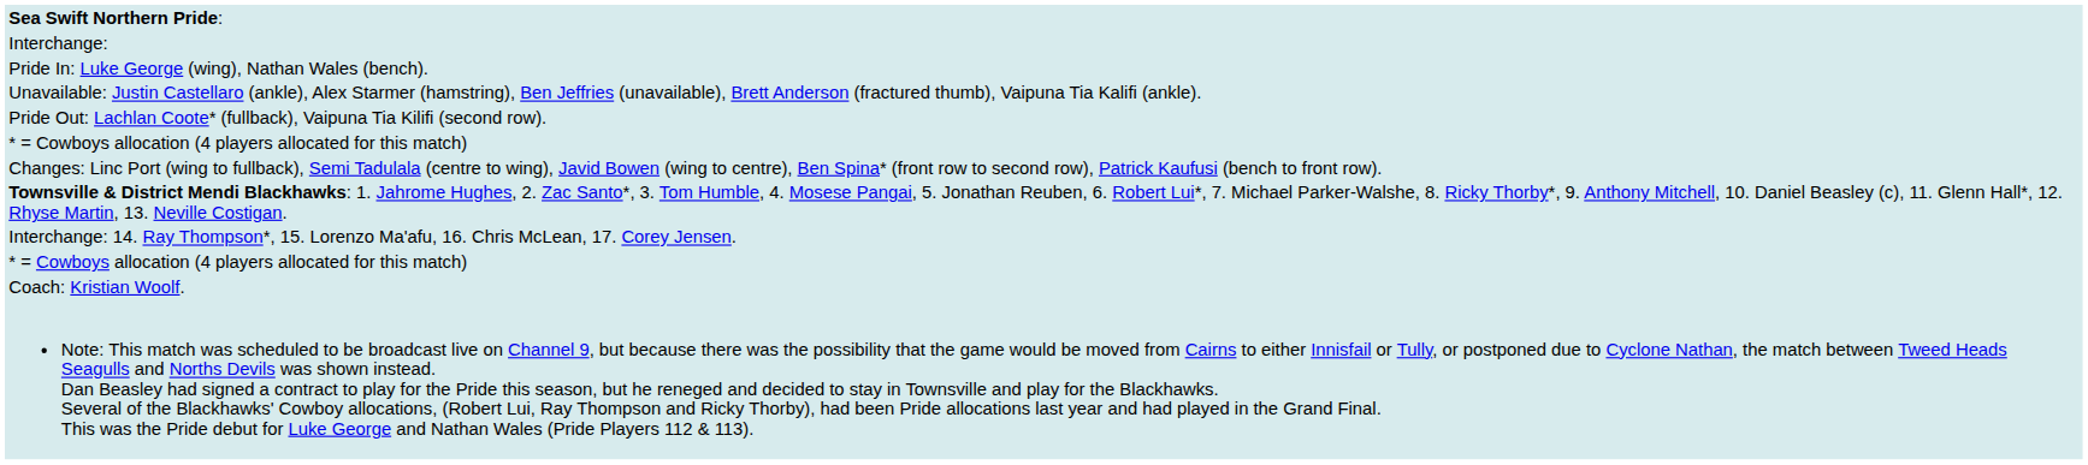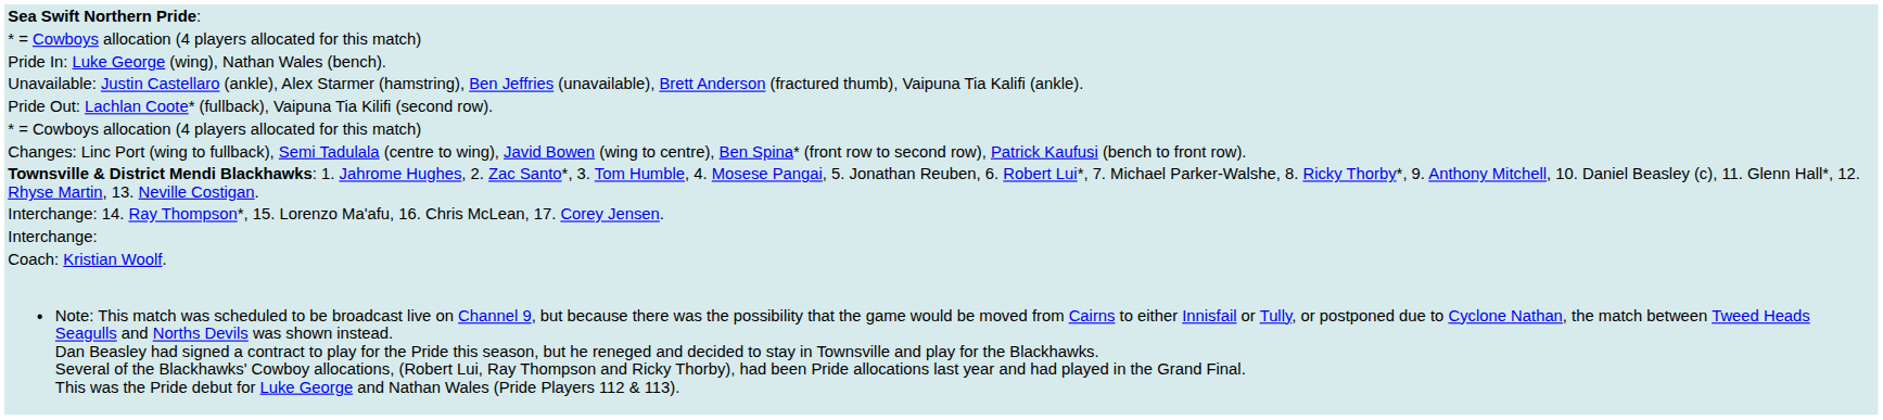 <table style="background:#d7ebed; font-size:85%; width:100%;">
 <tr>
 <td><strong>Sea Swift Northern Pride</strong>:             </td>
 </tr>
 <tr>
-<td>Interchange:    </td>
+<td>* = <a href='#'>Cowboys</a> allocation (4 players allocated for this match)</td>
 </tr>
 <tr>
 <td>Pride In: <a href='#'>Luke George</a> (wing), Nathan Wales (bench).</td>
 </tr>
 <tr>
 <td>Unavailable: <a href='#'>Justin Castellaro</a> (ankle), Alex Starmer (hamstring), <a href='#'>Ben Jeffries</a> (unavailable), <a href='#'>Brett Anderson</a> (fractured thumb), Vaipuna Tia Kalifi (ankle).</td>
 </tr>
 <tr>
 <td>Pride Out: <a href='#'>Lachlan Coote</a>* (fullback), Vaipuna Tia Kilifi (second row).</td>
 </tr>
 <tr>
 <td>* = Cowboys allocation (4 players allocated for this match)</td>
 </tr>
 <tr>
 <td>Changes: Linc Port (wing to fullback), <a href='#'>Semi Tadulala</a> (centre to wing), <a href='#'>Javid Bowen</a> (wing to centre), <a href='#'>Ben Spina</a>* (front row to second row), <a href='#'>Patrick Kaufusi</a> (bench to front row).</td>
 </tr>
 <tr>
 <td><strong>Townsville & District Mendi Blackhawks</strong>: 1. <a href='#'>Jahrome Hughes</a>, 2. <a href='#'>Zac Santo</a>*, 3. <a href='#'>Tom Humble</a>, 4. <a href='#'>Mosese Pangai</a>, 5. Jonathan Reuben, 6. <a href='#'>Robert Lui</a>*, 7. Michael Parker-Walshe, 8. <a href='#'>Ricky Thorby</a>*, 9. <a href='#'>Anthony Mitchell</a>, 10. Daniel Beasley (c), 11. Glenn Hall*, 12. <a href='#'>Rhyse Martin</a>, 13. <a href='#'>Neville Costigan</a>.</td>
 </tr>
 <tr>
 <td>Interchange: 14. <a href='#'>Ray Thompson</a>*, 15. Lorenzo Ma'afu, 16. Chris McLean, 17. <a href='#'>Corey Jensen</a>.</td>
 </tr>
 <tr>
-<td>* = <a href='#'>Cowboys</a> allocation (4 players allocated for this match)</td>
+<td>Interchange:    </td>
 </tr>
 <tr>
 <td>Coach: <a href='#'>Kristian Woolf</a>.</td>
 </tr>
 <tr>
 <td><br><ul><li>Note: This match was scheduled to be broadcast live on <a href='#'>Channel 9</a>, but because there was the possibility that the game would be moved from <a href='#'>Cairns</a> to either <a href='#'>Innisfail</a> or <a href='#'>Tully</a>, or postponed due to <a href='#'>Cyclone Nathan</a>, the match between <a href='#'>Tweed Heads Seagulls</a> and <a href='#'>Norths Devils</a> was shown instead.<br>Dan Beasley had signed a contract to play for the Pride this season, but he reneged and decided to stay in Townsville and play for the Blackhawks.<br>Several of the Blackhawks' Cowboy allocations, (Robert Lui, Ray Thompson and Ricky Thorby), had been Pride allocations last year and had played in the Grand Final.<br>This was the Pride debut for <a href='#'>Luke George</a> and Nathan Wales (Pride Players 112 & 113).</li></ul></td>
 </tr>
 </table>
